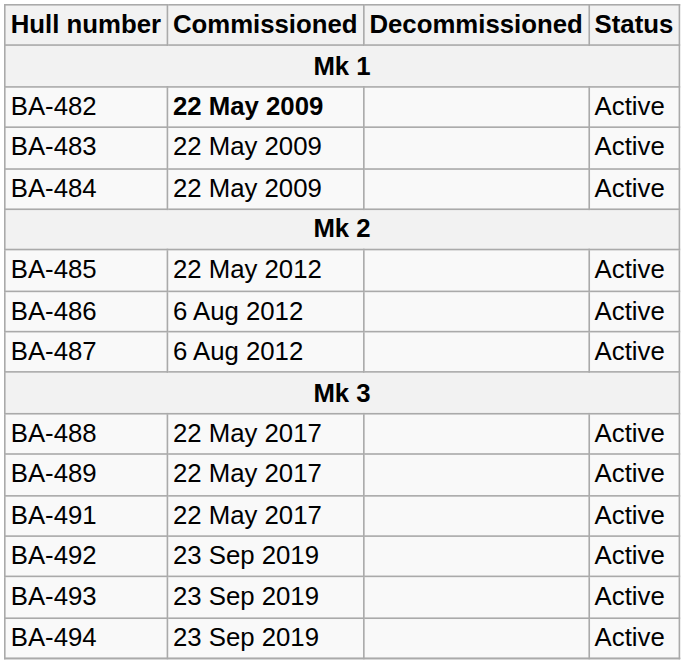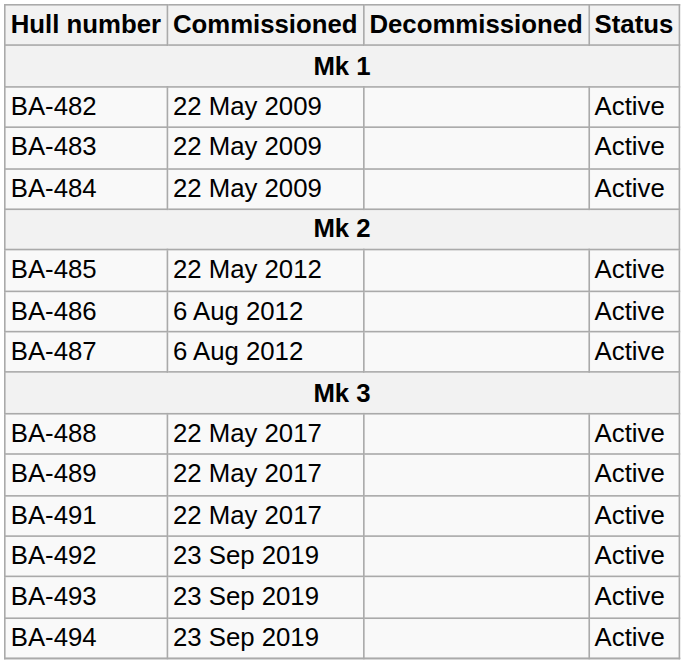 <table class="wikitable">
 <tr>
 <th>Hull number</th>
 <th>Commissioned</th>
 <th>Decommissioned</th>
 <th>Status</th>
 </tr>
 <tr>
 <th colspan=4>Mk 1</th>
 </tr>
 <tr>
 <td>BA-482</td>
-<td><strong>22 May 2009</strong></td>
+<td>22 May 2009</td>
 <td></td>
 <td>Active</td>
 </tr>
 <tr>
 <td>BA-483</td>
 <td>22 May 2009</td>
 <td></td>
 <td>Active</td>
 </tr>
 <tr>
 <td>BA-484</td>
 <td>22 May 2009</td>
 <td></td>
 <td>Active</td>
 </tr>
 <tr>
 <th colspan=4>Mk 2</th>
 </tr>
 <tr>
 <td>BA-485</td>
 <td>22 May 2012</td>
 <td></td>
 <td>Active</td>
 </tr>
 <tr>
 <td>BA-486</td>
 <td>6 Aug 2012</td>
 <td></td>
 <td>Active</td>
 </tr>
 <tr>
 <td>BA-487</td>
 <td>6 Aug 2012</td>
 <td></td>
 <td>Active</td>
 </tr>
 <tr>
 <th colspan=4>Mk 3</th>
 </tr>
 <tr>
 <td>BA-488</td>
 <td>22 May 2017</td>
 <td></td>
 <td>Active</td>
 </tr>
 <tr>
 <td>BA-489</td>
 <td>22 May 2017</td>
 <td></td>
 <td>Active</td>
 </tr>
 <tr>
 <td>BA-491</td>
 <td>22 May 2017</td>
 <td></td>
 <td>Active</td>
 </tr>
 <tr>
 <td>BA-492</td>
 <td>23 Sep 2019</td>
 <td></td>
 <td>Active</td>
 </tr>
 <tr>
 <td>BA-493</td>
 <td>23 Sep 2019</td>
 <td></td>
 <td>Active</td>
 </tr>
 <tr>
 <td>BA-494</td>
 <td>23 Sep 2019</td>
 <td></td>
 <td>Active</td>
 </tr>
 <tr>
 </tr>
 </table>
